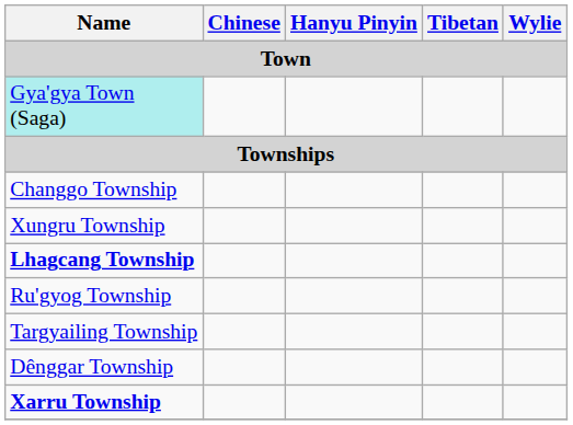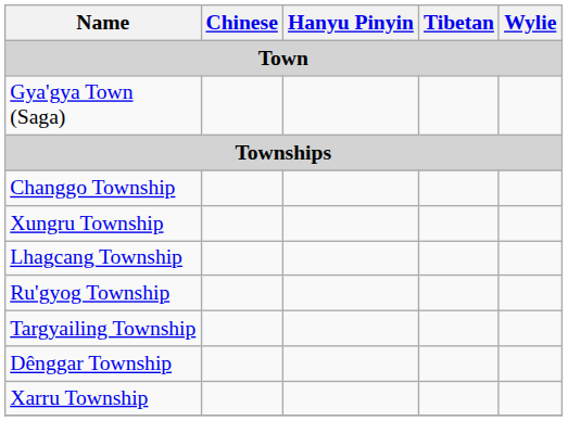 <table class="wikitable"  style="font-size:90%;" align=center>
 <tr>
 <th>Name</th>
 <th><a href='#'>Chinese</a></th>
 <th><a href='#'>Hanyu Pinyin</a></th>
 <th><a href='#'>Tibetan</a></th>
 <th><a href='#'>Wylie</a></th>
 </tr>
 <tr --------->
 <td colspan="7"  style="text-align:center; background:#d3d3d3;"><strong>Town</strong></td>
 </tr>
 <tr --------->
-<td style="background: paleturquoise;"><a href='#'>Gya'gya Town</a><br>(Saga)</td>
+<td><a href='#'>Gya'gya Town</a><br>(Saga)</td>
 <td></td>
 <td></td>
 <td></td>
 <td></td>
 </tr>
 <tr --------->
 <td colspan="7"  style="text-align:center; background:#d3d3d3;"><strong>Townships</strong></td>
 </tr>
 <tr --------->
 <td><a href='#'>Changgo Township</a></td>
 <td></td>
 <td></td>
 <td></td>
 <td></td>
 </tr>
 <tr>
 <td><a href='#'>Xungru Township</a></td>
 <td></td>
 <td></td>
 <td></td>
 <td></td>
 </tr>
 <tr>
-<td><strong><a href='#'>Lhagcang Township</a></strong></td>
+<td><a href='#'>Lhagcang Township</a></td>
 <td></td>
 <td></td>
 <td></td>
 <td></td>
 </tr>
 <tr>
 <td><a href='#'>Ru'gyog Township</a></td>
 <td></td>
 <td></td>
 <td></td>
 <td></td>
 </tr>
 <tr>
 <td><a href='#'>Targyailing Township</a></td>
 <td></td>
 <td></td>
 <td></td>
 <td></td>
 </tr>
 <tr>
 <td><a href='#'>Dênggar Township</a></td>
 <td></td>
 <td></td>
 <td></td>
 <td></td>
 </tr>
 <tr>
-<td><strong><a href='#'>Xarru Township</a></strong></td>
+<td><a href='#'>Xarru Township</a></td>
 <td></td>
 <td></td>
 <td></td>
 <td></td>
 </tr>
 <tr>
 </tr>
 </table>
